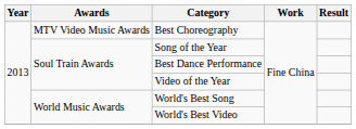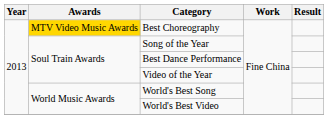 <table class="wikitable">
 <tr>
 <th>Year</th>
 <th>Awards</th>
 <th>Category</th>
 <th>Work</th>
 <th>Result</th>
 </tr>
 <tr>
 <td rowspan="6">2013</td>
-<td>MTV Video Music Awards</td>
+<td style="background: gold;">MTV Video Music Awards</td>
 <td>Best Choreography</td>
 <td rowspan="6">Fine China</td>
 <td></td>
 </tr>
 <tr>
 <td rowspan="3">Soul Train Awards</td>
 <td>Song of the Year</td>
 <td></td>
 </tr>
 <tr>
 <td>Best Dance Performance</td>
 <td></td>
 </tr>
 <tr>
 <td>Video of the Year</td>
 <td></td>
 </tr>
 <tr>
 <td rowspan="2">World Music Awards</td>
 <td>World's Best Song</td>
 <td></td>
 </tr>
 <tr>
 <td>World's Best Video</td>
 <td></td>
 </tr>
 <tr>
 </tr>
 </table>
